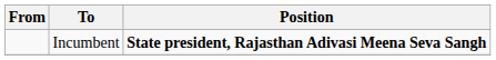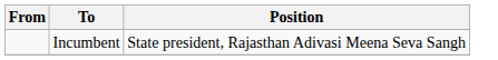 <table class="wikitable sortable">
 <tr>
 <th>From</th>
 <th>To</th>
 <th>Position</th>
 </tr>
 <tr>
 <td></td>
 <td>Incumbent</td>
-<td><strong>State president, Rajasthan Adivasi Meena Seva Sangh</strong></td>
+<td>State president, Rajasthan Adivasi Meena Seva Sangh</td>
 </tr>
 <tr>
 </tr>
 </table>
